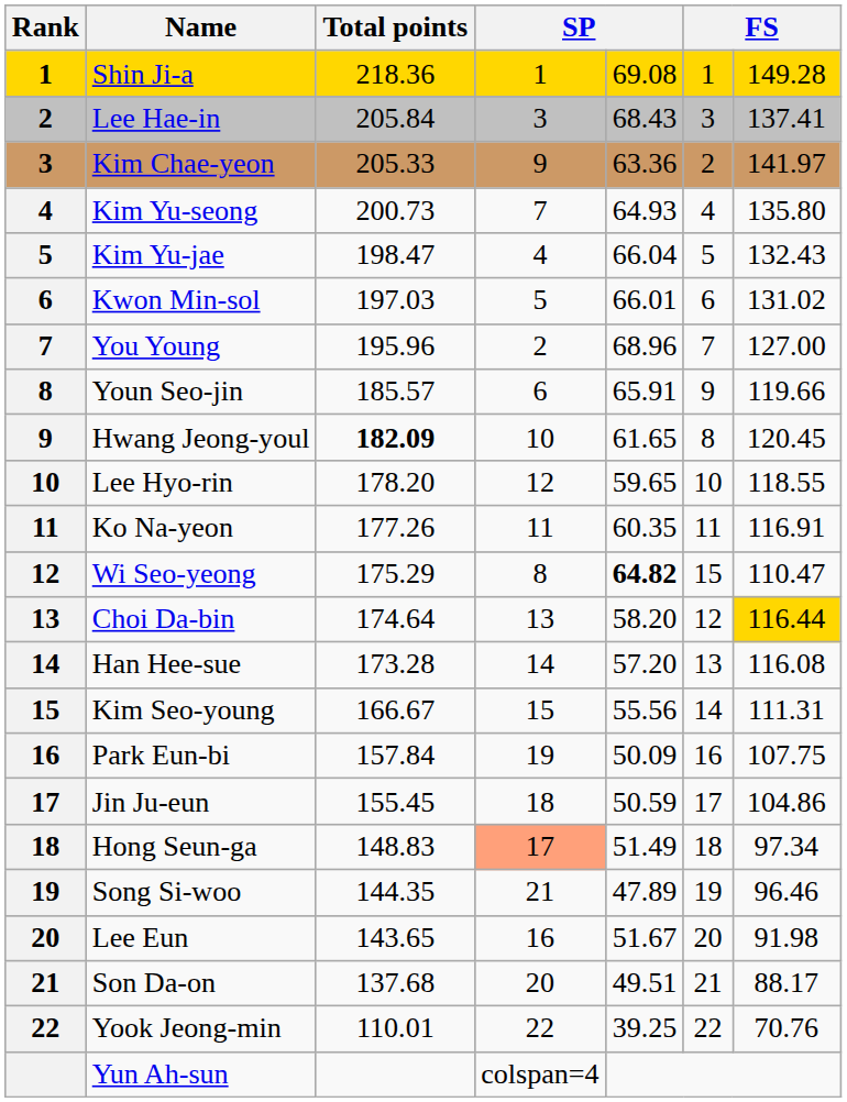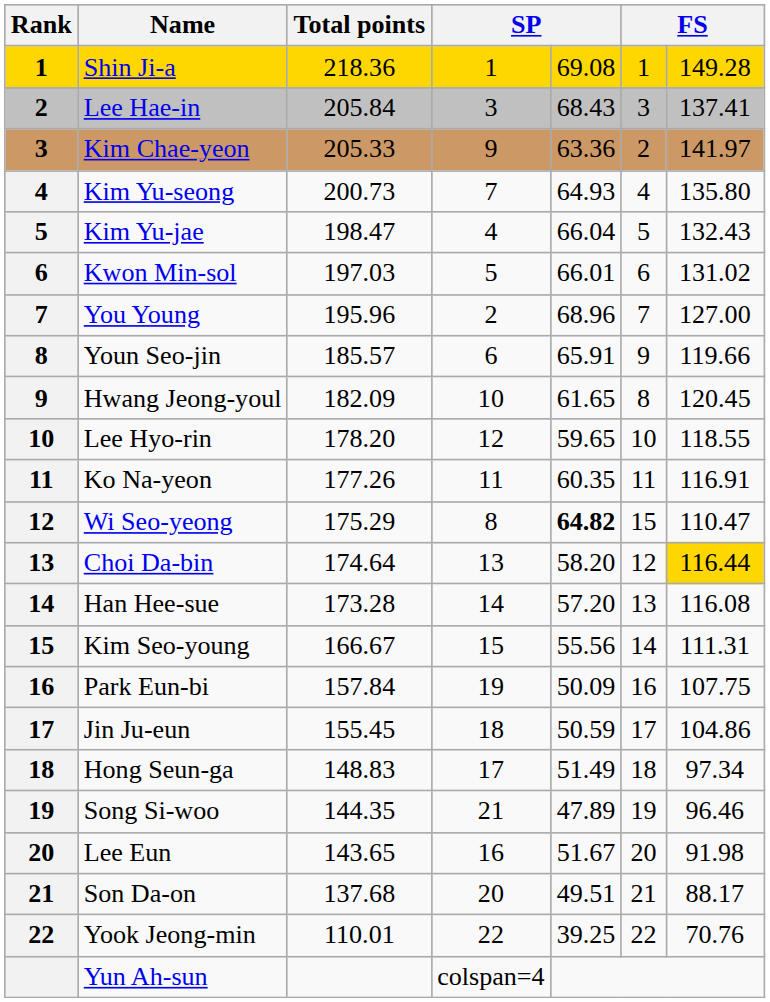 <table class="wikitable sortable">
 <tr>
 <th>Rank</th>
 <th>Name</th>
 <th>Total points</th>
 <th colspan="2" width="80px"><a href='#'>SP</a></th>
 <th colspan="2" width="80px"><a href='#'>FS</a></th>
 </tr>
 <tr bgcolor="gold">
 <td align="center"><strong>1</strong></td>
 <td><a href='#'>Shin Ji-a</a></td>
 <td align="center">218.36</td>
 <td align="center">1</td>
 <td align="center">69.08</td>
 <td align="center">1</td>
 <td align="center">149.28</td>
 </tr>
 <tr bgcolor="silver">
 <td align="center"><strong>2</strong></td>
 <td><a href='#'>Lee Hae-in</a></td>
 <td align="center">205.84</td>
 <td align="center">3</td>
 <td align="center">68.43</td>
 <td align="center">3</td>
 <td align="center">137.41</td>
 </tr>
 <tr bgcolor="cc9966">
 <td align="center"><strong>3</strong></td>
 <td><a href='#'>Kim Chae-yeon</a></td>
 <td align="center">205.33</td>
 <td align="center">9</td>
 <td align="center">63.36</td>
 <td align="center">2</td>
 <td align="center">141.97</td>
 </tr>
 <tr>
 <th>4</th>
 <td><a href='#'>Kim Yu-seong</a></td>
 <td align="center">200.73</td>
 <td align="center">7</td>
 <td align="center">64.93</td>
 <td align="center">4</td>
 <td align="center">135.80</td>
 </tr>
 <tr>
 <th>5</th>
 <td><a href='#'>Kim Yu-jae</a></td>
 <td align="center">198.47</td>
 <td align="center">4</td>
 <td align="center">66.04</td>
 <td align="center">5</td>
 <td align="center">132.43</td>
 </tr>
 <tr>
 <th>6</th>
 <td><a href='#'>Kwon Min-sol</a></td>
 <td align="center">197.03</td>
 <td align="center">5</td>
 <td align="center">66.01</td>
 <td align="center">6</td>
 <td align="center">131.02</td>
 </tr>
 <tr>
 <th>7</th>
 <td><a href='#'>You Young</a></td>
 <td align="center">195.96</td>
 <td align="center">2</td>
 <td align="center">68.96</td>
 <td align="center">7</td>
 <td align="center">127.00</td>
 </tr>
 <tr>
 <th>8</th>
 <td>Youn Seo-jin</td>
 <td align="center">185.57</td>
 <td align="center">6</td>
 <td align="center">65.91</td>
 <td align="center">9</td>
 <td align="center">119.66</td>
 </tr>
 <tr>
 <th>9</th>
 <td>Hwang Jeong-youl</td>
-<td align="center"><strong>182.09</strong></td>
+<td align="center">182.09</td>
 <td align="center">10</td>
 <td align="center">61.65</td>
 <td align="center">8</td>
 <td align="center">120.45</td>
 </tr>
 <tr>
 <th>10</th>
 <td>Lee Hyo-rin</td>
 <td align="center">178.20</td>
 <td align="center">12</td>
 <td align="center">59.65</td>
 <td align="center">10</td>
 <td align="center">118.55</td>
 </tr>
 <tr>
 <th>11</th>
 <td>Ko Na-yeon</td>
 <td align="center">177.26</td>
 <td align="center">11</td>
 <td align="center">60.35</td>
 <td align="center">11</td>
 <td align="center">116.91</td>
 </tr>
 <tr>
 <th>12</th>
 <td><a href='#'>Wi Seo-yeong</a></td>
 <td align="center">175.29</td>
 <td align="center">8</td>
 <td align="center"><strong>64.82</strong></td>
 <td align="center">15</td>
 <td align="center">110.47</td>
 </tr>
 <tr>
 <th>13</th>
 <td><a href='#'>Choi Da-bin</a></td>
 <td align="center">174.64</td>
 <td align="center">13</td>
 <td align="center">58.20</td>
 <td align="center">12</td>
 <td align="center" style="background: gold;">116.44</td>
 </tr>
 <tr>
 <th>14</th>
 <td>Han Hee-sue</td>
 <td align="center">173.28</td>
 <td align="center">14</td>
 <td align="center">57.20</td>
 <td align="center">13</td>
 <td align="center">116.08</td>
 </tr>
 <tr>
 <th>15</th>
 <td>Kim Seo-young</td>
 <td align="center">166.67</td>
 <td align="center">15</td>
 <td align="center">55.56</td>
 <td align="center">14</td>
 <td align="center">111.31</td>
 </tr>
 <tr>
 <th>16</th>
 <td>Park Eun-bi</td>
 <td align="center">157.84</td>
 <td align="center">19</td>
 <td align="center">50.09</td>
 <td align="center">16</td>
 <td align="center">107.75</td>
 </tr>
 <tr>
 <th>17</th>
 <td>Jin Ju-eun</td>
 <td align="center">155.45</td>
 <td align="center">18</td>
 <td align="center">50.59</td>
 <td align="center">17</td>
 <td align="center">104.86</td>
 </tr>
 <tr>
 <th>18</th>
 <td>Hong Seun-ga</td>
 <td align="center">148.83</td>
-<td align="center" style="background: lightsalmon;">17</td>
+<td align="center">17</td>
 <td align="center">51.49</td>
 <td align="center">18</td>
 <td align="center">97.34</td>
 </tr>
 <tr>
 <th>19</th>
 <td>Song Si-woo</td>
 <td align="center">144.35</td>
 <td align="center">21</td>
 <td align="center">47.89</td>
 <td align="center">19</td>
 <td align="center">96.46</td>
 </tr>
 <tr>
 <th>20</th>
 <td>Lee Eun</td>
 <td align="center">143.65</td>
 <td align="center">16</td>
 <td align="center">51.67</td>
 <td align="center">20</td>
 <td align="center">91.98</td>
 </tr>
 <tr>
 <th>21</th>
 <td>Son Da-on</td>
 <td align="center">137.68</td>
 <td align="center">20</td>
 <td align="center">49.51</td>
 <td align="center">21</td>
 <td align="center">88.17</td>
 </tr>
 <tr>
 <th>22</th>
 <td>Yook Jeong-min</td>
 <td align="center">110.01</td>
 <td align="center">22</td>
 <td align="center">39.25</td>
 <td align="center">22</td>
 <td align="center">70.76</td>
 </tr>
 <tr>
 <th></th>
 <td><a href='#'>Yun Ah-sun</a></td>
 <td></td>
 <td>colspan=4 </td>
 </tr>
 </table>
